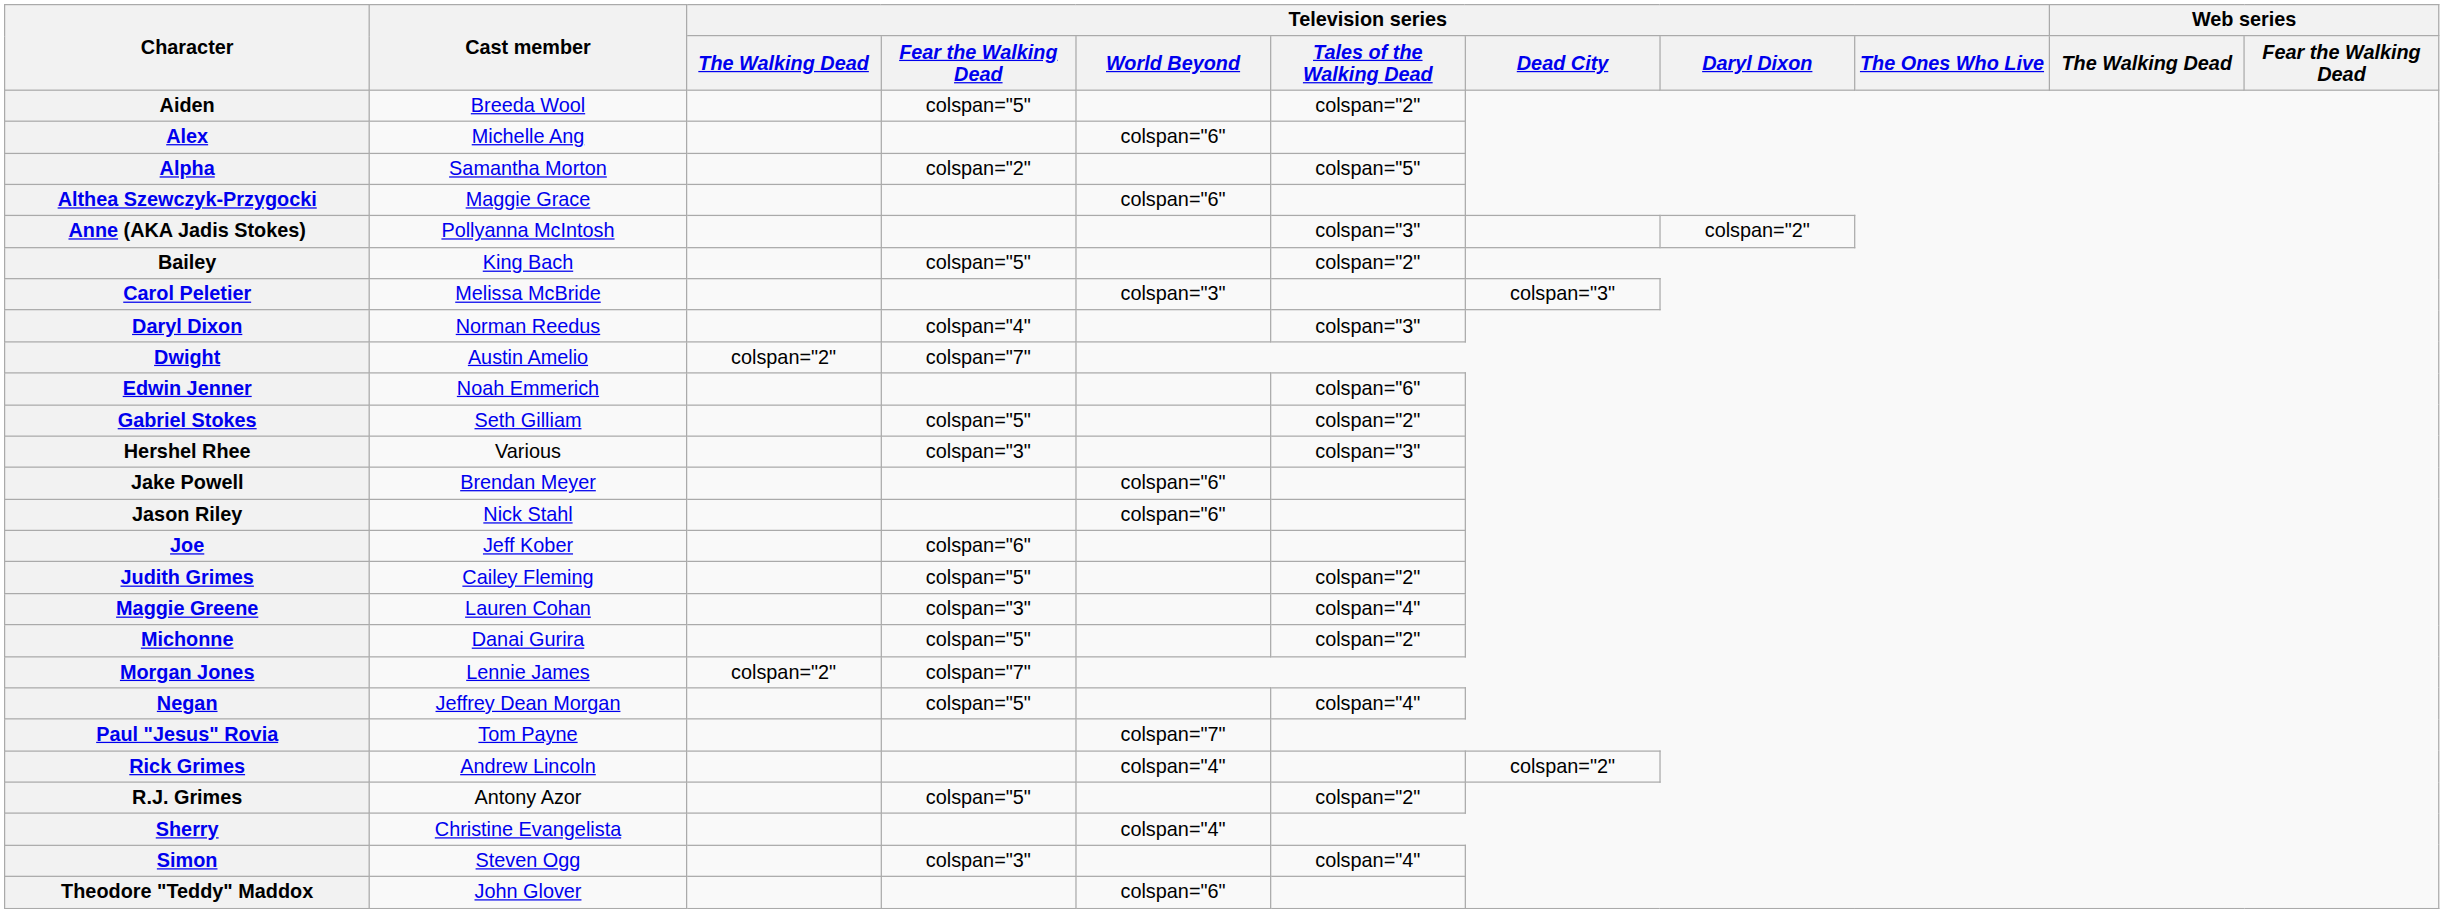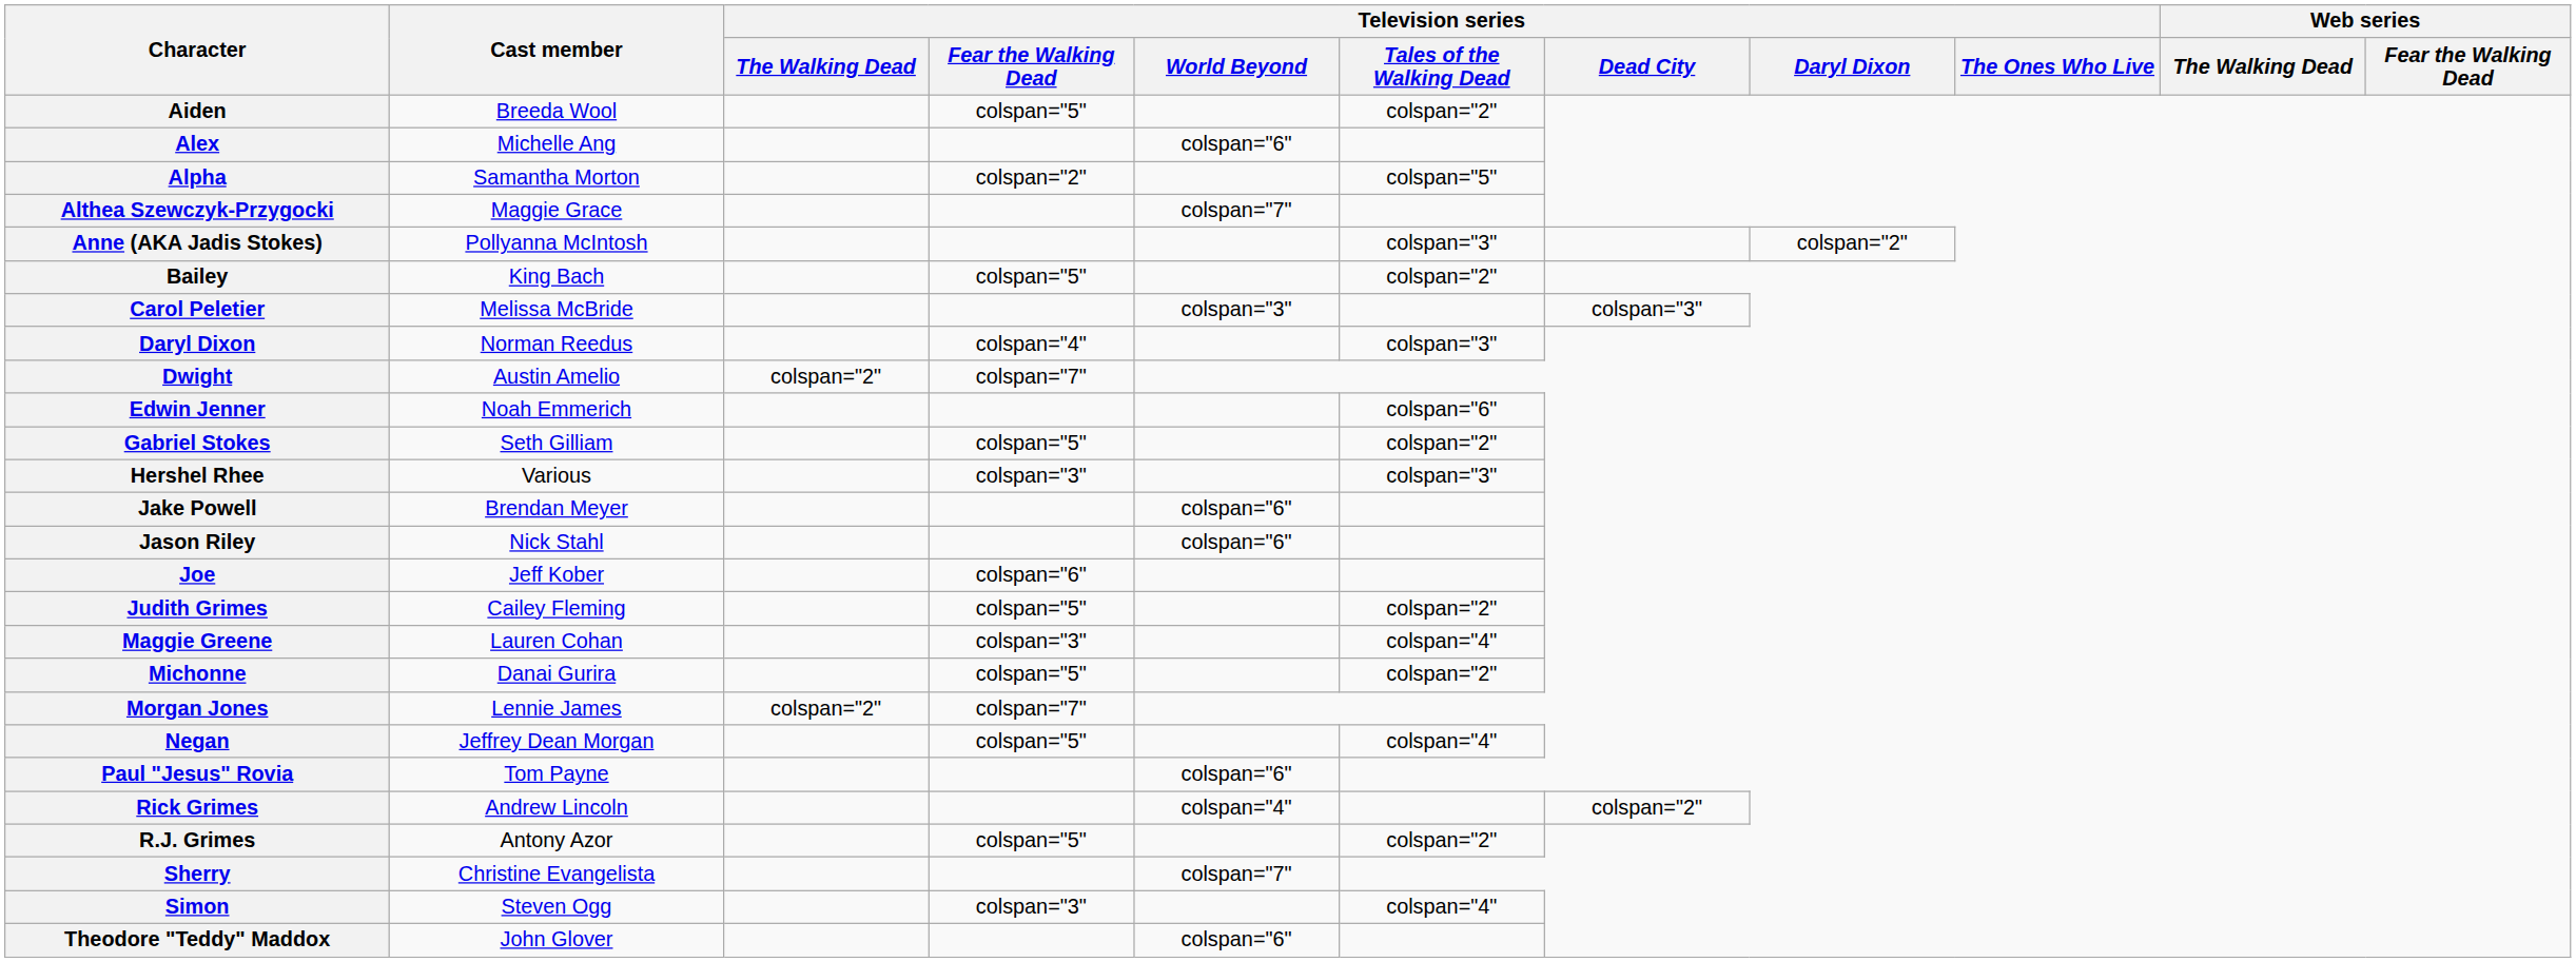 <table class="wikitable" style="text-align:center; width:99%;">
 <tr>
 <th rowspan="2" scope="col" width="15%">Character</th>
 <th rowspan="2" scope="col" width="13%">Cast member</th>
 <th colspan="7" scope="col" align="center">Television series</th>
 <th colspan="2" scope="col" align="center">Web series</th>
 </tr>
 <tr>
 <th scope="col" align="center" width="8%"><em><a href='#'>The Walking Dead</a></em></th>
 <th scope="col" align="center" width="8%"><em><a href='#'>Fear the Walking Dead</a></em></th>
 <th scope="col" align="center" width="8%"><em><a href='#'>World Beyond</a></em></th>
 <th scope="col" align="center" width="8%"><em><a href='#'>Tales of the Walking Dead</a></em></th>
 <th scope="col" align="center" width="8%"><em><a href='#'>Dead City</a></em></th>
 <th scope="col" align="center" width="8%"><em><a href='#'>Daryl Dixon</a></em></th>
 <th scope="col" align="center" width="8%"><em><a href='#'>The Ones Who Live</a></em></th>
 <th scope="col" align="center" width="8%"><em>The Walking Dead</em></th>
 <th scope="col" align="center" width="8%"><em>Fear the Walking Dead</em></th>
 </tr>
 <tr>
 <th scope="row">Aiden</th>
 <td><a href='#'>Breeda Wool</a></td>
 <td></td>
 <td>colspan="5" </td>
 <td></td>
 <td>colspan="2" </td>
 </tr>
 <tr>
 <th scope="row"><a href='#'>Alex</a></th>
 <td><a href='#'>Michelle Ang</a></td>
 <td></td>
 <td></td>
 <td>colspan="6" </td>
 <td></td>
 </tr>
 <tr>
 <th scope="row"><a href='#'>Alpha</a></th>
 <td><a href='#'>Samantha Morton</a></td>
 <td></td>
 <td>colspan="2" </td>
 <td></td>
 <td>colspan="5" </td>
 </tr>
 <tr>
 <th scope="row"><a href='#'>Althea Szewczyk-Przygocki</a></th>
 <td><a href='#'>Maggie Grace</a></td>
 <td></td>
 <td></td>
-<td>colspan="6" </td>
+<td>colspan="7" </td>
 <td></td>
 </tr>
 <tr>
 <th scope="row"><a href='#'>Anne</a> (AKA Jadis Stokes)</th>
 <td><a href='#'>Pollyanna McIntosh</a></td>
 <td></td>
 <td></td>
 <td></td>
 <td>colspan="3" </td>
 <td></td>
 <td>colspan="2" </td>
 </tr>
 <tr>
 <th scope="row">Bailey</th>
 <td><a href='#'>King Bach</a></td>
 <td></td>
 <td>colspan="5" </td>
 <td></td>
 <td>colspan="2" </td>
 </tr>
 <tr>
 <th scope="row"><a href='#'>Carol Peletier</a></th>
 <td><a href='#'>Melissa McBride</a></td>
 <td></td>
 <td></td>
 <td>colspan="3" </td>
 <td></td>
 <td>colspan="3" </td>
 </tr>
 <tr>
 <th scope="row"><a href='#'>Daryl Dixon</a></th>
 <td><a href='#'>Norman Reedus</a></td>
 <td></td>
 <td>colspan="4" </td>
 <td></td>
 <td>colspan="3" </td>
 </tr>
 <tr>
 <th scope="row"><a href='#'>Dwight</a></th>
 <td><a href='#'>Austin Amelio</a></td>
 <td>colspan="2" </td>
 <td>colspan="7" </td>
 </tr>
 <tr>
 <th scope="row"><a href='#'>Edwin Jenner</a></th>
 <td><a href='#'>Noah Emmerich</a></td>
 <td></td>
 <td></td>
 <td></td>
 <td>colspan="6" </td>
 </tr>
 <tr>
 <th scope="row"><a href='#'>Gabriel Stokes</a></th>
 <td><a href='#'>Seth Gilliam</a></td>
 <td></td>
 <td>colspan="5" </td>
 <td></td>
 <td>colspan="2" </td>
 </tr>
 <tr>
 <th scope="row">Hershel Rhee</th>
 <td>Various</td>
 <td></td>
 <td>colspan="3" </td>
 <td></td>
 <td>colspan="3" </td>
 </tr>
 <tr>
 <th scope="row">Jake Powell</th>
 <td><a href='#'>Brendan Meyer</a></td>
 <td></td>
 <td></td>
 <td>colspan="6" </td>
 <td></td>
 </tr>
 <tr>
 <th scope="row">Jason Riley</th>
 <td><a href='#'>Nick Stahl</a></td>
 <td></td>
 <td></td>
 <td>colspan="6" </td>
 <td></td>
 </tr>
 <tr>
 <th scope="row"><a href='#'>Joe</a></th>
 <td><a href='#'>Jeff Kober</a></td>
 <td></td>
 <td>colspan="6" </td>
 <td></td>
 <td></td>
 </tr>
 <tr>
 <th scope="row"><a href='#'>Judith Grimes</a></th>
 <td><a href='#'>Cailey Fleming</a></td>
 <td></td>
 <td>colspan="5" </td>
 <td></td>
 <td>colspan="2" </td>
 </tr>
 <tr>
 <th scope="row"><a href='#'>Maggie Greene</a></th>
 <td><a href='#'>Lauren Cohan</a></td>
 <td></td>
 <td>colspan="3" </td>
 <td></td>
 <td>colspan="4" </td>
 </tr>
 <tr>
 <th scope="row"><a href='#'>Michonne</a></th>
 <td><a href='#'>Danai Gurira</a></td>
 <td></td>
 <td>colspan="5" </td>
 <td></td>
 <td>colspan="2" </td>
 </tr>
 <tr>
 <th scope="row"><a href='#'>Morgan Jones</a></th>
 <td><a href='#'>Lennie James</a></td>
 <td>colspan="2" </td>
 <td>colspan="7" </td>
 </tr>
 <tr>
 <th scope="row"><a href='#'>Negan</a></th>
 <td><a href='#'>Jeffrey Dean Morgan</a></td>
 <td></td>
 <td>colspan="5" </td>
 <td></td>
 <td>colspan="4" </td>
 </tr>
 <tr>
 <th scope="row"><a href='#'>Paul "Jesus" Rovia</a></th>
 <td><a href='#'>Tom Payne</a></td>
 <td></td>
 <td></td>
-<td>colspan="7" </td>
+<td>colspan="6" </td>
 </tr>
 <tr>
 <th scope="row"><a href='#'>Rick Grimes</a></th>
 <td><a href='#'>Andrew Lincoln</a></td>
 <td></td>
 <td></td>
 <td>colspan="4" </td>
 <td></td>
 <td>colspan="2" </td>
 </tr>
 <tr>
 <th scope="row">R.J. Grimes</th>
 <td>Antony Azor</td>
 <td></td>
 <td>colspan="5" </td>
 <td></td>
 <td>colspan="2" </td>
 </tr>
 <tr>
 <th scope="row"><a href='#'>Sherry</a></th>
 <td><a href='#'>Christine Evangelista</a></td>
 <td></td>
 <td></td>
-<td>colspan="4" </td>
+<td>colspan="7" </td>
 </tr>
 <tr>
 <th scope="row"><a href='#'>Simon</a></th>
 <td><a href='#'>Steven Ogg</a></td>
 <td></td>
 <td>colspan="3" </td>
 <td></td>
 <td>colspan="4" </td>
 </tr>
 <tr>
 <th scope="row">Theodore "Teddy" Maddox</th>
 <td><a href='#'>John Glover</a></td>
 <td></td>
 <td></td>
 <td>colspan="6" </td>
 <td></td>
 </tr>
 </table>
